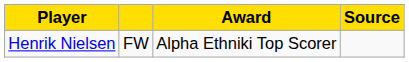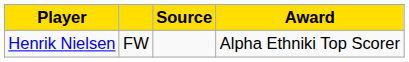 <table class="wikitable">
 <tr>
 <th style="background:#FFDE00">Player</th>
 <th style="background:#FFDE00"></th>
+<th style="background:#FFDE00">Source</th>
 <th style="background:#FFDE00">Award</th>
-<th style="background:#FFDE00">Source</th>
 </tr>
 <tr>
 <td> <a href='#'>Henrik Nielsen</a></td>
 <td align="center">FW</td>
+<td align="center"></td>
 <td align="center">Alpha Ethniki Top Scorer</td>
-<td align="center"></td>
 </tr>
 </table>
